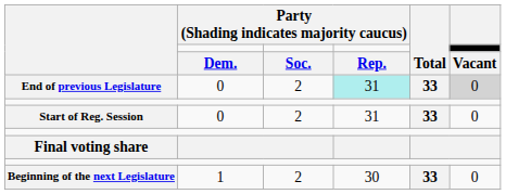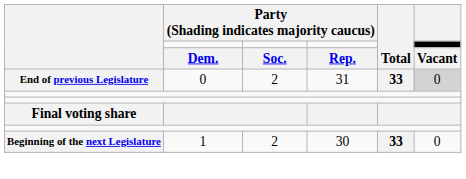 <table class=wikitable style="text-align:center">
 <tr style="vertical-align:bottom;">
 <th rowspan=3></th>
 <th colspan=3>Party <div>(Shading indicates majority caucus)</div></th>
 <th rowspan=3>Total</th>
 <th></th>
 </tr>
 <tr style="height:5px">
 <td style="background-color:"></td>
 <td style="background-color:"></td>
 <td style="background-color:"></td>
 <td style="background:black;"></td>
 </tr>
 <tr>
 <th><a href='#'>Dem.</a></th>
 <th><a href='#'>Soc.</a></th>
 <th><a href='#'>Rep.</a></th>
 <th>Vacant</th>
 </tr>
 <tr>
 <th style="font-size:80%;">End of <a href='#'>previous Legislature</a></th>
 <td>0</td>
 <td>2</td>
-<td style="background: paleturquoise;">31</td>
+<td>31</td>
 <th>33</th>
 <td style="background: lightgrey;">0</td>
 </tr>
 <tr>
 <td colspan=6></td>
-</tr>
-<tr>
-<th style="font-size:80%;">Start of Reg. Session</th>
-<td>0</td>
-<td>2</td>
-<td>31</td>
-<th>33</th>
-<td>0</td>
 </tr>
 <tr>
 <td colspan=6></td>
 </tr>
 <tr>
 <th>Final voting share</th>
 <th colspan=2></th>
 <th></th>
 <th colspan=2></th>
 </tr>
 <tr>
 <td colspan=6></td>
 </tr>
 <tr>
 <th style="font-size:80%;">Beginning of the <a href='#'>next Legislature</a></th>
 <td>1</td>
 <td>2</td>
 <td>30</td>
 <th>33</th>
 <td>0</td>
 </tr>
 </table>
